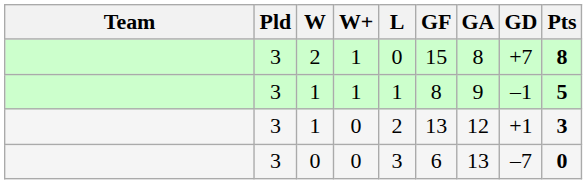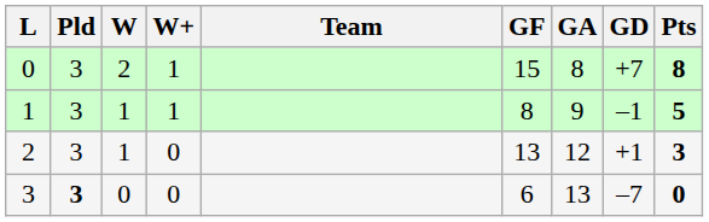 <table class="wikitable" style="text-align: center;">
 <tr>
-<th width="175">Team</th>
+<th width="20">L</th>
 <th width="20">Pld</th>
 <th width="20">W</th>
 <th width="20">W+</th>
-<th width="20">L</th>
+<th width="175">Team</th>
 <th width="20">GF</th>
 <th width="20">GA</th>
 <th width="20">GD</th>
 <th width="20">Pts</th>
 </tr>
 <tr align=center style="background:#ccffcc;">
-<td style="text-align:left;"></td>
+<td>0</td>
 <td>3</td>
 <td>2</td>
 <td>1</td>
-<td>0</td>
+<td style="text-align:left;"></td>
 <td>15</td>
 <td>8</td>
 <td>+7</td>
 <td><strong>8</strong></td>
 </tr>
 <tr align=center style="background:#ccffcc;">
-<td style="text-align:left;"></td>
+<td>1</td>
 <td>3</td>
 <td>1</td>
 <td>1</td>
-<td>1</td>
+<td style="text-align:left;"></td>
 <td>8</td>
 <td>9</td>
 <td>–1</td>
 <td><strong>5</strong></td>
 </tr>
 <tr align=center style="background:#f5f5f5;">
-<td style="text-align:left;"></td>
+<td>2</td>
 <td>3</td>
 <td>1</td>
 <td>0</td>
-<td>2</td>
+<td style="text-align:left;"></td>
 <td>13</td>
 <td>12</td>
 <td>+1</td>
 <td><strong>3</strong></td>
 </tr>
 <tr align=center style="background:#f5f5f5;">
-<td style="text-align:left;"></td>
 <td>3</td>
+<td><strong>3</strong></td>
 <td>0</td>
 <td>0</td>
-<td>3</td>
+<td style="text-align:left;"></td>
 <td>6</td>
 <td>13</td>
 <td>–7</td>
 <td><strong>0</strong></td>
 </tr>
 </table>
